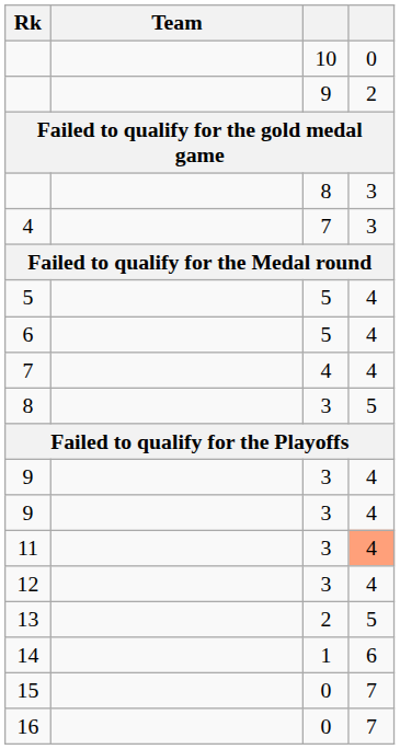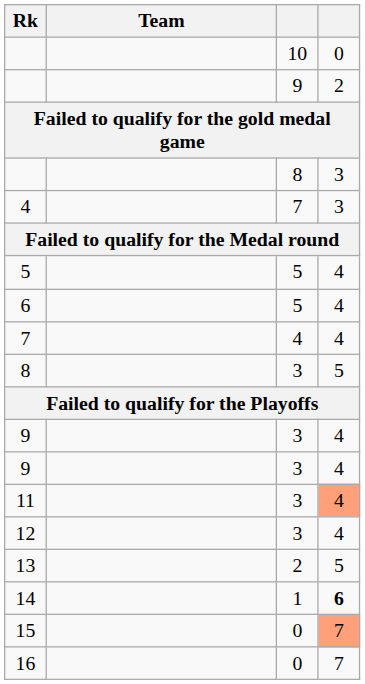 <table class=wikitable style="text-align:center; font-size:95%">
 <tr>
 <th width=25>Rk</th>
 <th width=170>Team</th>
 <th width=25></th>
 <th width=25></th>
 </tr>
 <tr>
 <td></td>
 <td align=left></td>
 <td>10</td>
 <td>0</td>
 </tr>
 <tr>
 <td></td>
 <td align=left></td>
 <td>9</td>
 <td>2</td>
 </tr>
 <tr>
 <th colspan="4">Failed to qualify for the gold medal game</th>
 </tr>
 <tr>
 <td></td>
 <td align=left></td>
 <td>8</td>
 <td>3</td>
 </tr>
 <tr>
 <td>4</td>
 <td align=left></td>
 <td>7</td>
 <td>3</td>
 </tr>
 <tr>
 <th colspan="4">Failed to qualify for the Medal round</th>
 </tr>
 <tr>
 <td>5</td>
 <td align=left></td>
 <td>5</td>
 <td>4</td>
 </tr>
 <tr>
 <td>6</td>
 <td align=left></td>
 <td>5</td>
 <td>4</td>
 </tr>
 <tr>
 <td>7</td>
 <td align=left></td>
 <td>4</td>
 <td>4</td>
 </tr>
 <tr>
 <td>8</td>
 <td align=left></td>
 <td>3</td>
 <td>5</td>
 </tr>
 <tr>
 <th colspan="4">Failed to qualify for the Playoffs</th>
 </tr>
 <tr>
 <td>9</td>
 <td align=left></td>
 <td>3</td>
 <td>4</td>
 </tr>
 <tr>
 <td>9</td>
 <td align=left></td>
 <td>3</td>
 <td>4</td>
 </tr>
 <tr>
 <td>11</td>
 <td align=left></td>
 <td>3</td>
 <td style="background: lightsalmon;">4</td>
 </tr>
 <tr>
 <td>12</td>
 <td align=left></td>
 <td>3</td>
 <td>4</td>
 </tr>
 <tr>
 <td>13</td>
 <td align=left></td>
 <td>2</td>
 <td>5</td>
 </tr>
 <tr>
 <td>14</td>
 <td align=left></td>
 <td>1</td>
-<td>6</td>
+<td><strong>6</strong></td>
 </tr>
 <tr>
 <td>15</td>
 <td align=left></td>
 <td>0</td>
-<td>7</td>
+<td style="background: lightsalmon;">7</td>
 </tr>
 <tr>
 <td>16</td>
 <td align=left></td>
 <td>0</td>
 <td>7</td>
 </tr>
 </table>
